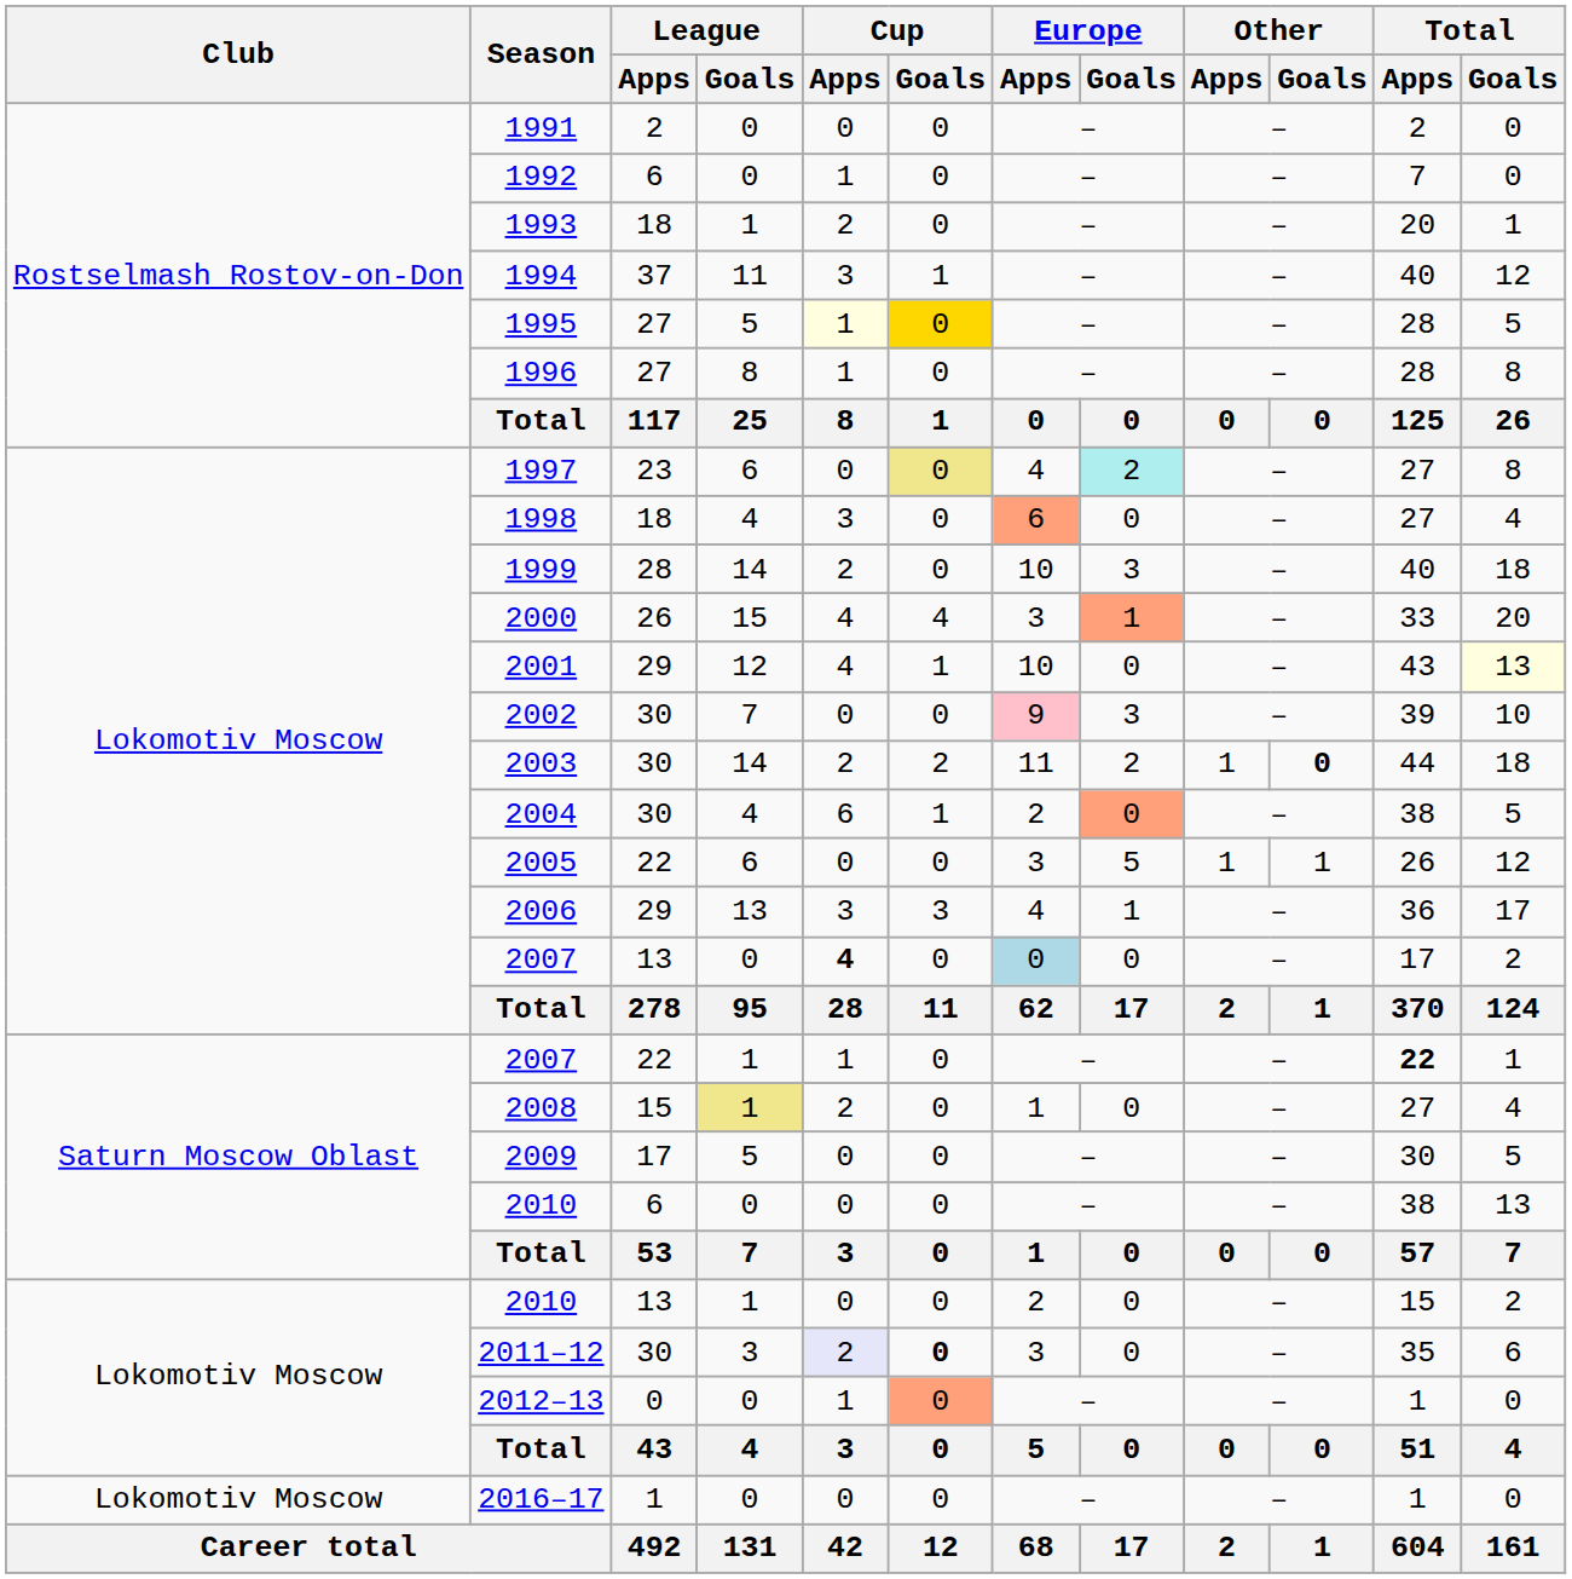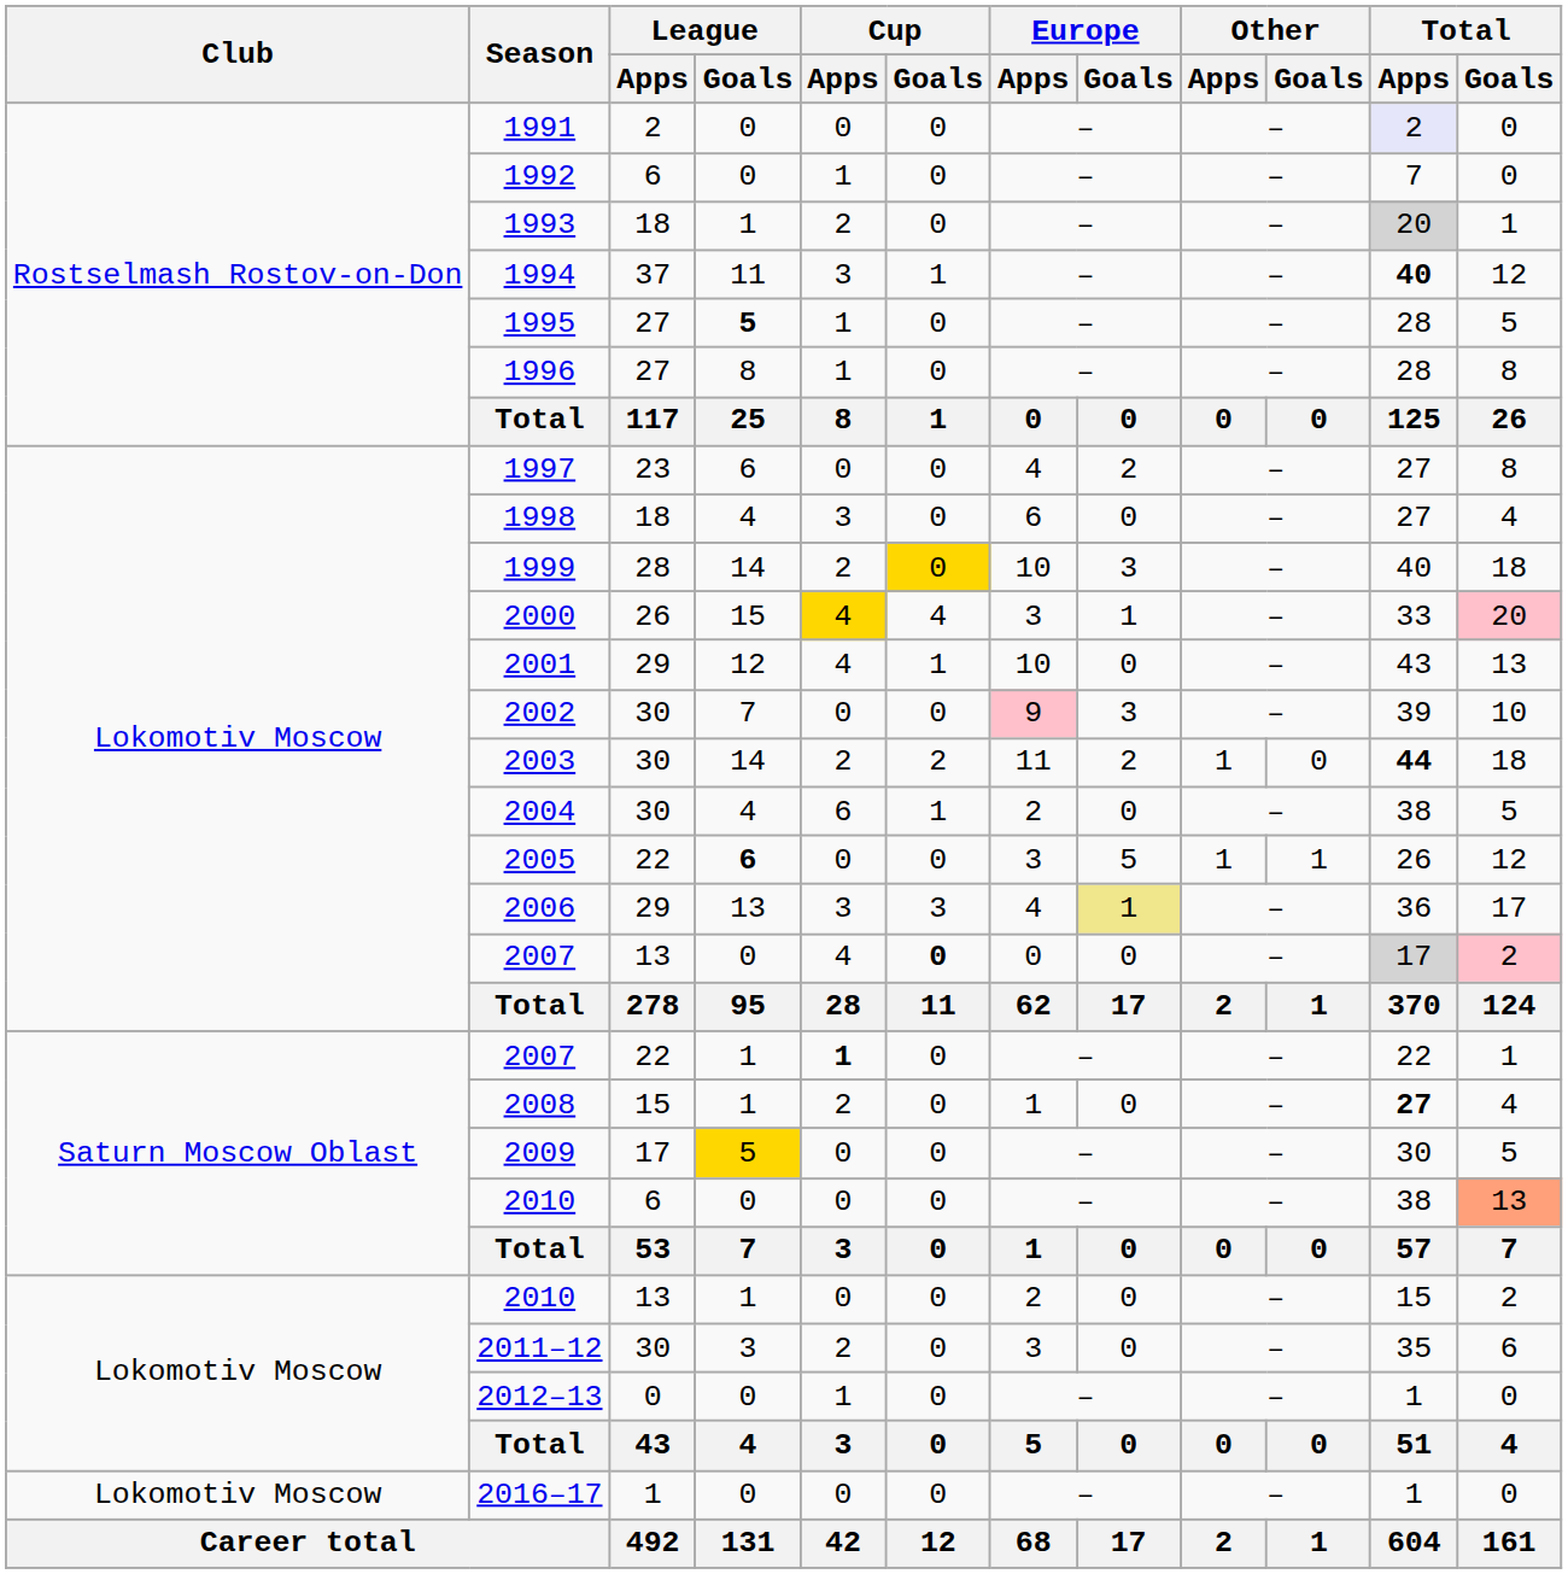 <table class="wikitable" style="text-align:center">
 <tr>
 <th rowspan="2">Club</th>
 <th rowspan="2">Season</th>
 <th colspan="2">League</th>
 <th colspan="2">Cup</th>
 <th colspan="2"><a href='#'>Europe</a></th>
 <th colspan="2">Other</th>
 <th colspan="2">Total</th>
 </tr>
 <tr>
 <th>Apps</th>
 <th>Goals</th>
 <th>Apps</th>
 <th>Goals</th>
 <th>Apps</th>
 <th>Goals</th>
 <th>Apps</th>
 <th>Goals</th>
 <th>Apps</th>
 <th>Goals</th>
 </tr>
 <tr>
 <td rowspan="7"><a href='#'>Rostselmash Rostov-on-Don</a></td>
 <td><a href='#'>1991</a></td>
 <td>2</td>
 <td>0</td>
 <td>0</td>
 <td>0</td>
 <td colspan="2">–</td>
 <td colspan="2">–</td>
-<td>2</td>
+<td style="background: lavender;">2</td>
 <td>0</td>
 </tr>
 <tr>
 <td><a href='#'>1992</a></td>
 <td>6</td>
 <td>0</td>
 <td>1</td>
 <td>0</td>
 <td colspan="2">–</td>
 <td colspan="2">–</td>
 <td>7</td>
 <td>0</td>
 </tr>
 <tr>
 <td><a href='#'>1993</a></td>
 <td>18</td>
 <td>1</td>
 <td>2</td>
 <td>0</td>
 <td colspan="2">–</td>
 <td colspan="2">–</td>
-<td>20</td>
+<td style="background: lightgrey;">20</td>
 <td>1</td>
 </tr>
 <tr>
 <td><a href='#'>1994</a></td>
 <td>37</td>
 <td>11</td>
 <td>3</td>
 <td>1</td>
 <td colspan="2">–</td>
 <td colspan="2">–</td>
-<td>40</td>
+<td><strong>40</strong></td>
 <td>12</td>
 </tr>
 <tr>
 <td><a href='#'>1995</a></td>
 <td>27</td>
-<td>5</td>
-<td style="background: lightyellow;">1</td>
-<td style="background: gold;">0</td>
+<td><strong>5</strong></td>
+<td>1</td>
+<td>0</td>
 <td colspan="2">–</td>
 <td colspan="2">–</td>
 <td>28</td>
 <td>5</td>
 </tr>
 <tr>
 <td><a href='#'>1996</a></td>
 <td>27</td>
 <td>8</td>
 <td>1</td>
 <td>0</td>
 <td colspan="2">–</td>
 <td colspan="2">–</td>
 <td>28</td>
 <td>8</td>
 </tr>
 <tr>
 <th>Total</th>
 <th>117</th>
 <th>25</th>
 <th>8</th>
 <th>1</th>
 <th>0</th>
 <th>0</th>
 <th>0</th>
 <th>0</th>
 <th>125</th>
 <th>26</th>
 </tr>
 <tr>
 <td rowspan="12"><a href='#'>Lokomotiv Moscow</a></td>
 <td><a href='#'>1997</a></td>
 <td>23</td>
 <td>6</td>
 <td>0</td>
-<td style="background: khaki;">0</td>
+<td>0</td>
 <td>4</td>
-<td style="background: paleturquoise;">2</td>
+<td>2</td>
 <td colspan="2">–</td>
 <td>27</td>
 <td>8</td>
 </tr>
 <tr>
 <td><a href='#'>1998</a></td>
 <td>18</td>
 <td>4</td>
 <td>3</td>
 <td>0</td>
-<td style="background: lightsalmon;">6</td>
+<td>6</td>
 <td>0</td>
 <td colspan="2">–</td>
 <td>27</td>
 <td>4</td>
 </tr>
 <tr>
 <td><a href='#'>1999</a></td>
 <td>28</td>
 <td>14</td>
 <td>2</td>
-<td>0</td>
+<td style="background: gold;">0</td>
 <td>10</td>
 <td>3</td>
 <td colspan="2">–</td>
 <td>40</td>
 <td>18</td>
 </tr>
 <tr>
 <td><a href='#'>2000</a></td>
 <td>26</td>
 <td>15</td>
-<td>4</td>
+<td style="background: gold;">4</td>
 <td>4</td>
 <td>3</td>
-<td style="background: lightsalmon;">1</td>
+<td>1</td>
 <td colspan="2">–</td>
 <td>33</td>
-<td>20</td>
+<td style="background: pink;">20</td>
 </tr>
 <tr>
 <td><a href='#'>2001</a></td>
 <td>29</td>
 <td>12</td>
 <td>4</td>
 <td>1</td>
 <td>10</td>
 <td>0</td>
 <td colspan="2">–</td>
 <td>43</td>
-<td style="background: lightyellow;">13</td>
+<td>13</td>
 </tr>
 <tr>
 <td><a href='#'>2002</a></td>
 <td>30</td>
 <td>7</td>
 <td>0</td>
 <td>0</td>
 <td style="background: pink;">9</td>
 <td>3</td>
 <td colspan="2">–</td>
 <td>39</td>
 <td>10</td>
 </tr>
 <tr>
 <td><a href='#'>2003</a></td>
 <td>30</td>
 <td>14</td>
 <td>2</td>
 <td>2</td>
 <td>11</td>
 <td>2</td>
 <td>1</td>
-<td><strong>0</strong></td>
-<td>44</td>
+<td>0</td>
+<td><strong>44</strong></td>
 <td>18</td>
 </tr>
 <tr>
 <td><a href='#'>2004</a></td>
 <td>30</td>
 <td>4</td>
 <td>6</td>
 <td>1</td>
 <td>2</td>
-<td style="background: lightsalmon;">0</td>
+<td>0</td>
 <td colspan="2">–</td>
 <td>38</td>
 <td>5</td>
 </tr>
 <tr>
 <td><a href='#'>2005</a></td>
 <td>22</td>
-<td>6</td>
+<td><strong>6</strong></td>
 <td>0</td>
 <td>0</td>
 <td>3</td>
 <td>5</td>
 <td>1</td>
 <td>1</td>
 <td>26</td>
 <td>12</td>
 </tr>
 <tr>
 <td><a href='#'>2006</a></td>
 <td>29</td>
 <td>13</td>
 <td>3</td>
 <td>3</td>
 <td>4</td>
-<td>1</td>
+<td style="background: khaki;">1</td>
 <td colspan="2">–</td>
 <td>36</td>
 <td>17</td>
 </tr>
 <tr>
 <td><a href='#'>2007</a></td>
 <td>13</td>
 <td>0</td>
-<td><strong>4</strong></td>
+<td>4</td>
+<td><strong>0</strong></td>
 <td>0</td>
-<td style="background: lightblue;">0</td>
 <td>0</td>
 <td colspan="2">–</td>
-<td>17</td>
-<td>2</td>
+<td style="background: lightgrey;">17</td>
+<td style="background: pink;">2</td>
 </tr>
 <tr>
 <th>Total</th>
 <th>278</th>
 <th>95</th>
 <th>28</th>
 <th>11</th>
 <th>62</th>
 <th>17</th>
 <th>2</th>
 <th>1</th>
 <th>370</th>
 <th>124</th>
 </tr>
 <tr>
 <td rowspan="5"><a href='#'>Saturn Moscow Oblast</a></td>
 <td><a href='#'>2007</a></td>
 <td>22</td>
 <td>1</td>
-<td>1</td>
+<td><strong>1</strong></td>
 <td>0</td>
 <td colspan="2">–</td>
 <td colspan="2">–</td>
-<td><strong>22</strong></td>
+<td>22</td>
 <td>1</td>
 </tr>
 <tr>
 <td><a href='#'>2008</a></td>
 <td>15</td>
-<td style="background: khaki;">1</td>
+<td>1</td>
 <td>2</td>
 <td>0</td>
 <td>1</td>
 <td>0</td>
 <td colspan="2">–</td>
-<td>27</td>
+<td><strong>27</strong></td>
 <td>4</td>
 </tr>
 <tr>
 <td><a href='#'>2009</a></td>
 <td>17</td>
-<td>5</td>
+<td style="background: gold;">5</td>
 <td>0</td>
 <td>0</td>
 <td colspan="2">–</td>
 <td colspan="2">–</td>
 <td>30</td>
 <td>5</td>
 </tr>
 <tr>
 <td><a href='#'>2010</a></td>
 <td>6</td>
 <td>0</td>
 <td>0</td>
 <td>0</td>
 <td colspan="2">–</td>
 <td colspan="2">–</td>
 <td>38</td>
-<td>13</td>
+<td style="background: lightsalmon;">13</td>
 </tr>
 <tr>
 <th>Total</th>
 <th>53</th>
 <th>7</th>
 <th>3</th>
 <th>0</th>
 <th>1</th>
 <th>0</th>
 <th>0</th>
 <th>0</th>
 <th>57</th>
 <th>7</th>
 </tr>
 <tr>
 <td rowspan="4">Lokomotiv Moscow</td>
 <td><a href='#'>2010</a></td>
 <td>13</td>
 <td>1</td>
 <td>0</td>
 <td>0</td>
 <td>2</td>
 <td>0</td>
 <td colspan="2">–</td>
 <td>15</td>
 <td>2</td>
 </tr>
 <tr>
 <td><a href='#'>2011–12</a></td>
 <td>30</td>
 <td>3</td>
-<td style="background: lavender;">2</td>
-<td><strong>0</strong></td>
+<td>2</td>
+<td>0</td>
 <td>3</td>
 <td>0</td>
 <td colspan="2">–</td>
 <td>35</td>
 <td>6</td>
 </tr>
 <tr>
 <td><a href='#'>2012–13</a></td>
 <td>0</td>
 <td>0</td>
 <td>1</td>
-<td style="background: lightsalmon;">0</td>
+<td>0</td>
 <td colspan="2">–</td>
 <td colspan="2">–</td>
 <td>1</td>
 <td>0</td>
 </tr>
 <tr>
 <th>Total</th>
 <th>43</th>
 <th>4</th>
 <th>3</th>
 <th>0</th>
 <th>5</th>
 <th>0</th>
 <th>0</th>
 <th>0</th>
 <th>51</th>
 <th>4</th>
 </tr>
 <tr>
 <td>Lokomotiv Moscow</td>
 <td><a href='#'>2016–17</a></td>
 <td>1</td>
 <td>0</td>
 <td>0</td>
 <td>0</td>
 <td colspan="2">–</td>
 <td colspan="2">–</td>
 <td>1</td>
 <td>0</td>
 </tr>
 <tr>
 <th colspan="2">Career total</th>
 <th>492</th>
 <th>131</th>
 <th>42</th>
 <th>12</th>
 <th>68</th>
 <th>17</th>
 <th>2</th>
 <th>1</th>
 <th>604</th>
 <th>161</th>
 </tr>
 </table>
